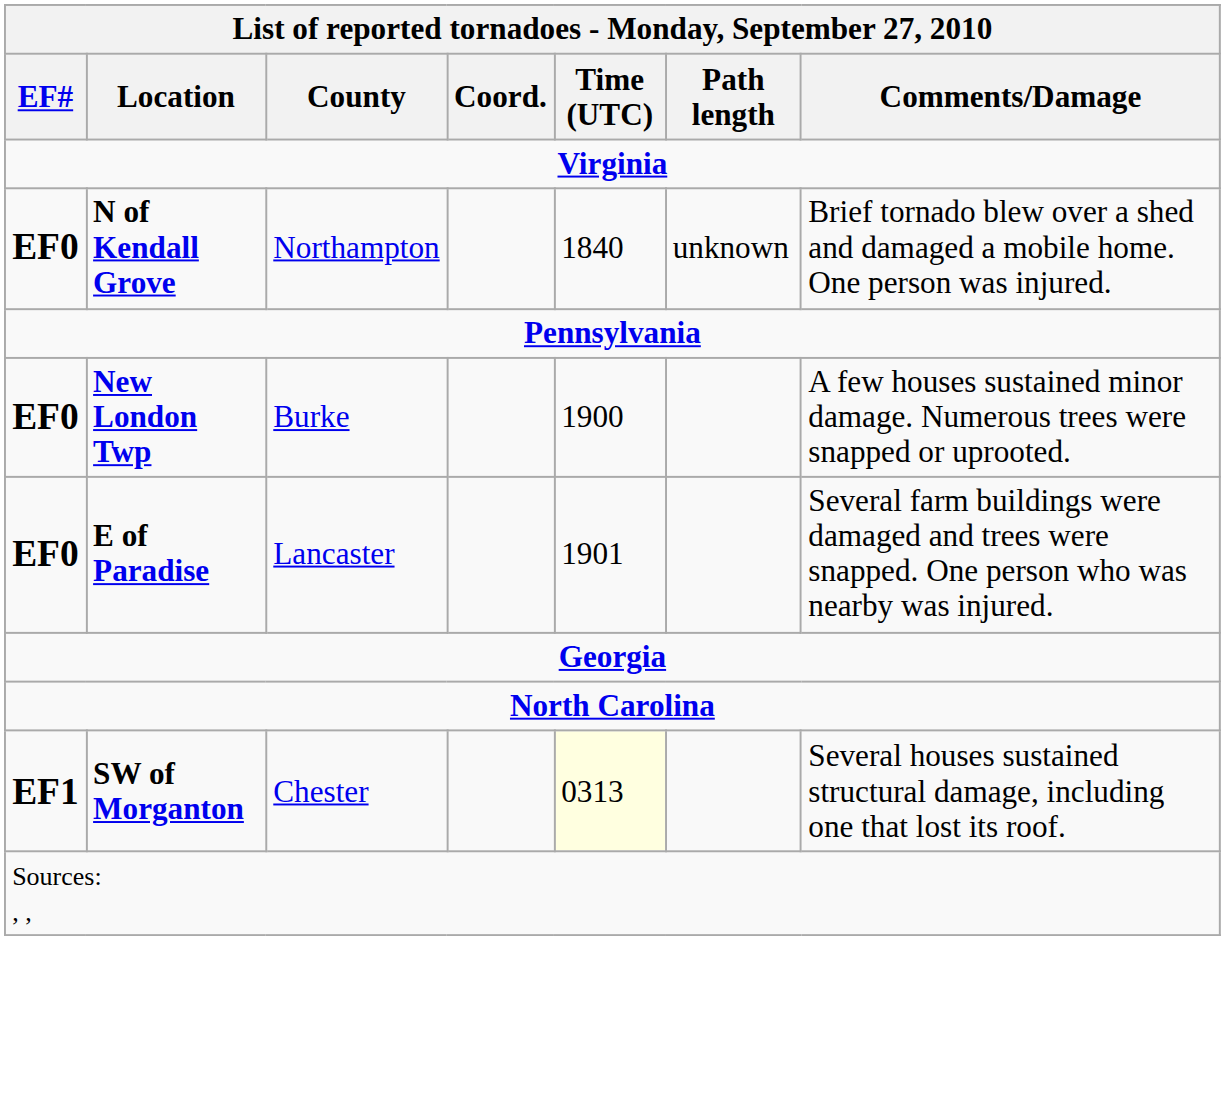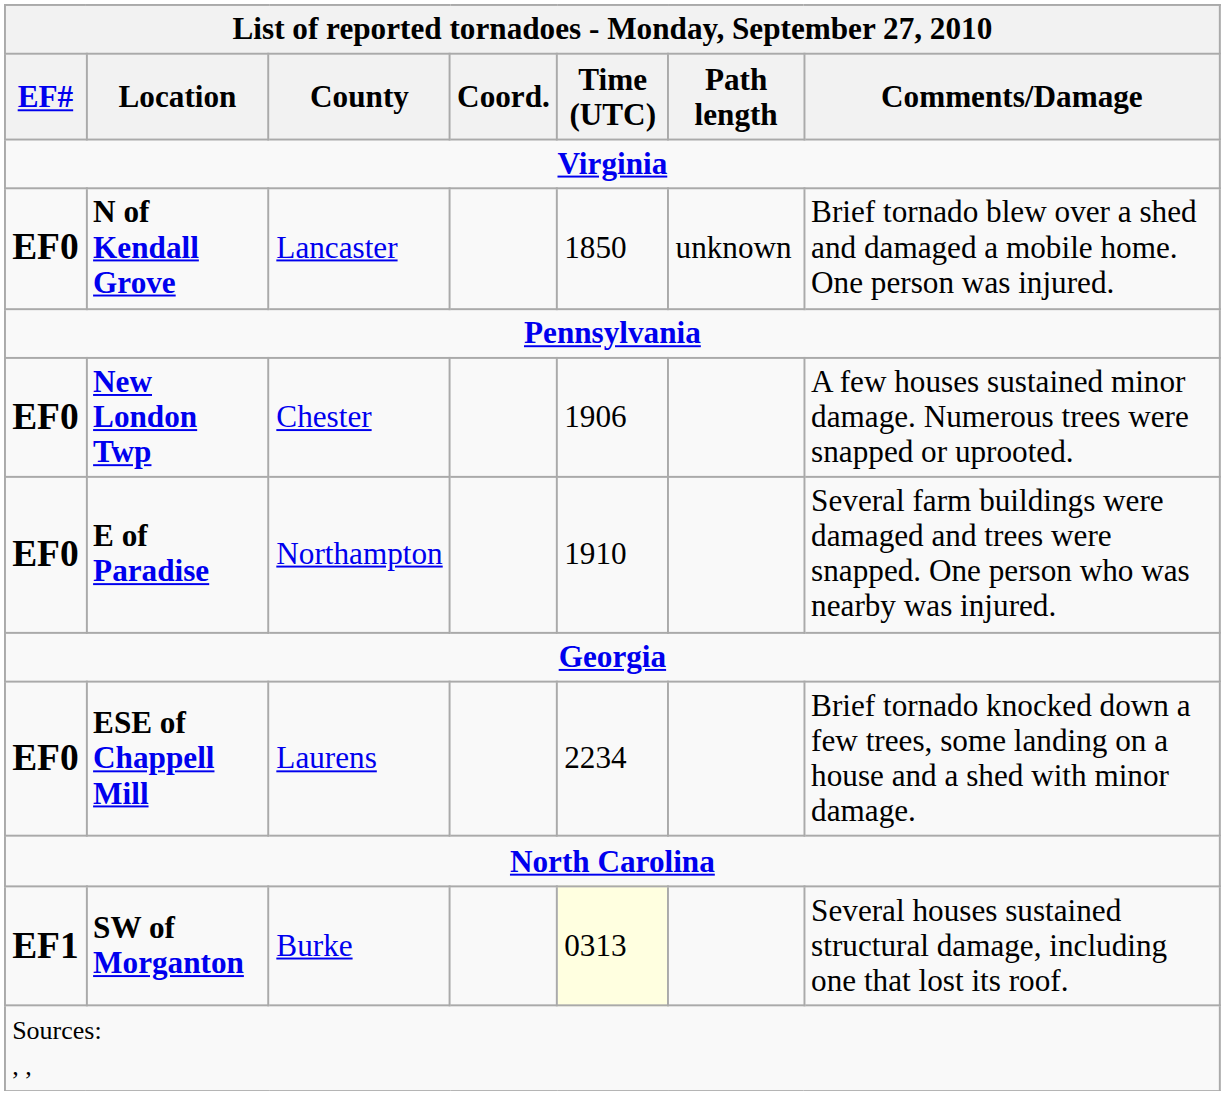 <table class="wikitable collapsible" width="100%">
 <tr>
 <th colspan="7">List of reported tornadoes - Monday, September 27, 2010</th>
 </tr>
 <tr>
 <th><a href='#'>EF#</a></th>
 <th>Location</th>
 <th>County</th>
 <th>Coord.</th>
 <th>Time (UTC)</th>
 <th>Path length</th>
 <th>Comments/Damage</th>
 </tr>
 <tr>
 <td colspan="7" align=center><strong><a href='#'>Virginia</a></strong></td>
 </tr>
 <tr>
 <td><big><strong>EF0</strong></big></td>
 <td><strong>N of <a href='#'>Kendall Grove</a></strong></td>
-<td><a href='#'>Northampton</a></td>
+<td><a href='#'>Lancaster</a></td>
 <td></td>
-<td>1840</td>
+<td>1850</td>
 <td>unknown</td>
 <td>Brief tornado blew over a shed and damaged a mobile home. One person was injured.</td>
 </tr>
 <tr>
 <td colspan="7" align=center><strong><a href='#'>Pennsylvania</a></strong></td>
 </tr>
 <tr>
 <td><big><strong>EF0</strong></big></td>
 <td><strong><a href='#'>New London Twp</a></strong></td>
-<td><a href='#'>Burke</a></td>
+<td><a href='#'>Chester</a></td>
 <td></td>
-<td>1900</td>
+<td>1906</td>
 <td></td>
 <td>A few houses sustained minor damage. Numerous trees were snapped or uprooted.</td>
 </tr>
 <tr>
 <td><big><strong>EF0</strong></big></td>
 <td><strong>E of <a href='#'>Paradise</a></strong></td>
-<td><a href='#'>Lancaster</a></td>
+<td><a href='#'>Northampton</a></td>
 <td></td>
-<td>1901</td>
+<td>1910</td>
 <td></td>
 <td>Several farm buildings were damaged and trees were snapped. One person who was nearby was injured.</td>
 </tr>
 <tr>
 <td colspan="7" align=center><strong><a href='#'>Georgia</a></strong></td>
 </tr>
 <tr>
+<td><big><strong>EF0</strong></big></td>
+<td><strong>ESE of <a href='#'>Chappell Mill</a></strong></td>
+<td><a href='#'>Laurens</a></td>
+<td></td>
+<td>2234</td>
+<td></td>
+<td>Brief tornado knocked down a few trees, some landing on a house and a shed with minor damage.</td>
+</tr>
+<tr>
 <td colspan="7" align=center><strong><a href='#'>North Carolina</a></strong></td>
 </tr>
 <tr>
 <td><big><strong>EF1</strong></big></td>
 <td><strong>SW of <a href='#'>Morganton</a></strong></td>
-<td><a href='#'>Chester</a></td>
+<td><a href='#'>Burke</a></td>
 <td></td>
 <td style="background: lightyellow;">0313</td>
 <td></td>
 <td>Several houses sustained structural damage, including one that lost its roof.</td>
 </tr>
 <tr>
 <td colspan="7"><small>Sources:<br>, , </small></td>
 </tr>
 </table>
